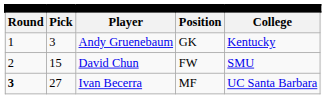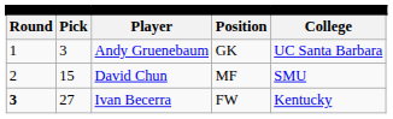 <table class="wikitable sortable" style="text-align:center; font-size:90%; text-align:left;">
 <tr style="border-spacing: 2px; border: 2px solid black;">
 <td colspan="7" bgcolor="#000000" color="#000000" border="#FED000" align="center"><strong></strong></td>
 </tr>
 <tr>
 <th><strong>Round</strong></th>
 <th><strong>Pick</strong></th>
 <th><strong>Player</strong></th>
 <th><strong>Position</strong></th>
 <th><strong>College</strong></th>
 </tr>
 <tr>
 <td>1</td>
 <td>3</td>
 <td> <a href='#'>Andy Gruenebaum</a></td>
 <td>GK</td>
-<td><a href='#'>Kentucky</a></td>
+<td><a href='#'>UC Santa Barbara</a></td>
 </tr>
 <tr>
 <td>2</td>
 <td>15</td>
 <td> <a href='#'>David Chun</a></td>
-<td>FW</td>
+<td>MF</td>
 <td><a href='#'>SMU</a></td>
 </tr>
 <tr>
 <td><strong>3</strong></td>
 <td>27</td>
 <td> <a href='#'>Ivan Becerra</a></td>
-<td>MF</td>
-<td><a href='#'>UC Santa Barbara</a></td>
+<td>FW</td>
+<td><a href='#'>Kentucky</a></td>
 </tr>
 </table>
